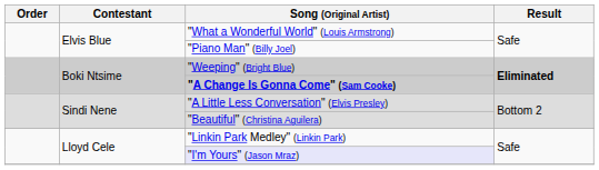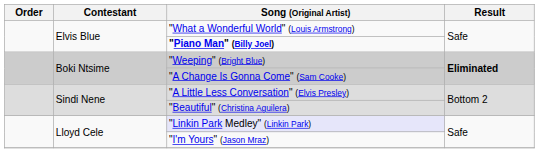 <table class="wikitable" style="font-size:90%; width:60%; text-align: left;">
 <tr>
 <th width="05%">Order</th>
 <th width="13%">Contestant</th>
 <th width="32%">Song <small>(Original Artist)</small></th>
 <th width="10%">Result</th>
 </tr>
 <tr>
 <td rowspan="2"></td>
 <td rowspan="2">Elvis Blue</td>
 <td>"<a href='#'>What a Wonderful World</a>" <small>(<a href='#'>Louis Armstrong</a>)</small></td>
 <td rowspan="2">Safe</td>
 </tr>
 <tr>
-<td>"<a href='#'>Piano Man</a>" <small>(<a href='#'>Billy Joel</a>)</small></td>
+<td><strong>"<a href='#'>Piano Man</a>" <small>(<a href='#'>Billy Joel</a>)</small></strong></td>
 </tr>
 <tr>
 <td bgcolor="CCCCCC" rowspan="2"></td>
 <td bgcolor="CCCCCC" rowspan="2">Boki Ntsime</td>
 <td bgcolor="CCCCCC">"<a href='#'>Weeping</a>" <small>(<a href='#'>Bright Blue</a>)</small></td>
 <td bgcolor="CCCCCC" rowspan="2"><strong>Eliminated</strong></td>
 </tr>
 <tr>
-<td bgcolor="CCCCCC"><strong>"<a href='#'>A Change Is Gonna Come</a>" <small>(<a href='#'>Sam Cooke</a>)</small></strong></td>
+<td bgcolor="CCCCCC">"<a href='#'>A Change Is Gonna Come</a>" <small>(<a href='#'>Sam Cooke</a>)</small></td>
 </tr>
 <tr>
 <td bgcolor="DDDDDD" rowspan="2"></td>
 <td bgcolor="DDDDDD" rowspan="2">Sindi Nene</td>
 <td bgcolor="DDDDDD">"<a href='#'>A Little Less Conversation</a>" <small>(<a href='#'>Elvis Presley</a>)</small></td>
 <td bgcolor="DDDDDD" rowspan="2">Bottom 2</td>
 </tr>
 <tr>
 <td bgcolor="DDDDDD">"<a href='#'>Beautiful</a>" <small>(<a href='#'>Christina Aguilera</a>)</small></td>
 </tr>
 <tr>
 <td rowspan="2"></td>
 <td rowspan="2">Lloyd Cele</td>
-<td>"<a href='#'>Linkin Park</a> Medley" <small>(<a href='#'>Linkin Park</a>)</small></td>
+<td style="background: lavender;">"<a href='#'>Linkin Park</a> Medley" <small>(<a href='#'>Linkin Park</a>)</small></td>
 <td rowspan="2">Safe</td>
 </tr>
 <tr>
-<td style="background: lavender;">"<a href='#'>I'm Yours</a>" <small>(<a href='#'>Jason Mraz</a>)</small></td>
+<td>"<a href='#'>I'm Yours</a>" <small>(<a href='#'>Jason Mraz</a>)</small></td>
 </tr>
 <tr>
 </tr>
 </table>
